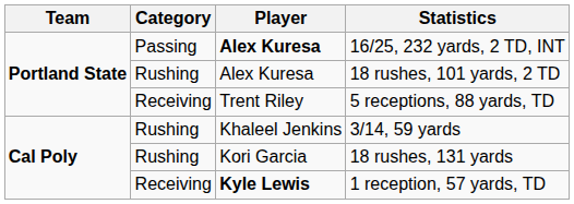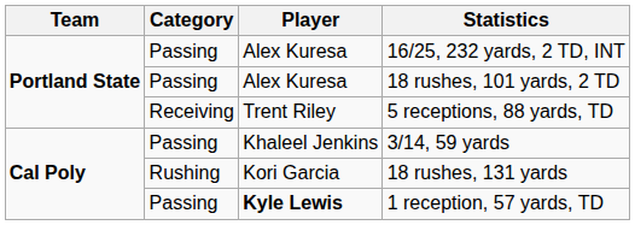 <table class="wikitable" style="float: right;">
 <tr>
 <th>Team</th>
 <th>Category</th>
 <th>Player</th>
 <th>Statistics</th>
 </tr>
 <tr>
 <td rowspan=3><strong>Portland State</strong></td>
 <td>Passing</td>
-<td><strong>Alex Kuresa</strong></td>
+<td>Alex Kuresa</td>
 <td>16/25, 232 yards, 2 TD, INT</td>
 </tr>
 <tr>
-<td>Rushing</td>
+<td>Passing</td>
 <td>Alex Kuresa</td>
 <td>18 rushes, 101 yards, 2 TD</td>
 </tr>
 <tr>
 <td>Receiving</td>
 <td>Trent Riley</td>
 <td>5 receptions, 88 yards, TD</td>
 </tr>
 <tr>
 <td rowspan=3><strong>Cal Poly</strong></td>
-<td>Rushing</td>
+<td>Passing</td>
 <td>Khaleel Jenkins</td>
 <td>3/14, 59 yards</td>
 </tr>
 <tr>
 <td>Rushing</td>
 <td>Kori Garcia</td>
 <td>18 rushes, 131 yards</td>
 </tr>
 <tr>
-<td>Receiving</td>
+<td>Passing</td>
 <td><strong>Kyle Lewis</strong></td>
 <td>1 reception, 57 yards, TD</td>
 </tr>
 </table>
